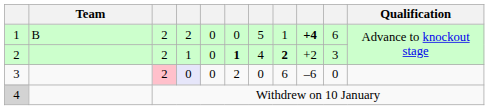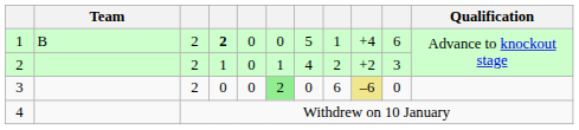 <table class="wikitable" style="text-align:center">
 <tr>
 <th width=30></th>
 <th width=200>Team</th>
 <th width=30></th>
 <th width=30></th>
 <th width=30></th>
 <th width=30></th>
 <th width=30></th>
 <th width=30></th>
 <th width=30></th>
 <th width=30></th>
 <th width=200>Qualification</th>
 </tr>
 <tr style="background-color:#cfc">
 <td>1</td>
 <td style="text-align:left"> B</td>
 <td>2</td>
-<td>2</td>
+<td><strong>2</strong></td>
 <td>0</td>
 <td>0</td>
 <td>5</td>
 <td>1</td>
-<td><strong>+4</strong></td>
+<td>+4</td>
 <td>6</td>
 <td rowspan="2">Advance to <a href='#'>knockout stage</a></td>
 </tr>
 <tr style="background-color:#cfc">
 <td>2</td>
 <td style="text-align:left"></td>
 <td>2</td>
 <td>1</td>
 <td>0</td>
-<td><strong>1</strong></td>
+<td>1</td>
 <td>4</td>
-<td><strong>2</strong></td>
+<td>2</td>
 <td>+2</td>
 <td>3</td>
 </tr>
 <tr>
 <td>3</td>
 <td style="text-align:left"></td>
-<td style="background: pink;">2</td>
-<td style="background: lavender;">0</td>
-<td>0</td>
 <td>2</td>
 <td>0</td>
+<td>0</td>
+<td style="background: lightgreen;">2</td>
+<td>0</td>
 <td>6</td>
-<td>–6</td>
+<td style="background: khaki;">–6</td>
 <td>0</td>
 <td></td>
 </tr>
 <tr>
-<td style="background: lightgrey;">4</td>
+<td>4</td>
 <td style="text-align:left"></td>
 <td colspan="9">Withdrew on 10 January</td>
 </tr>
 </table>
